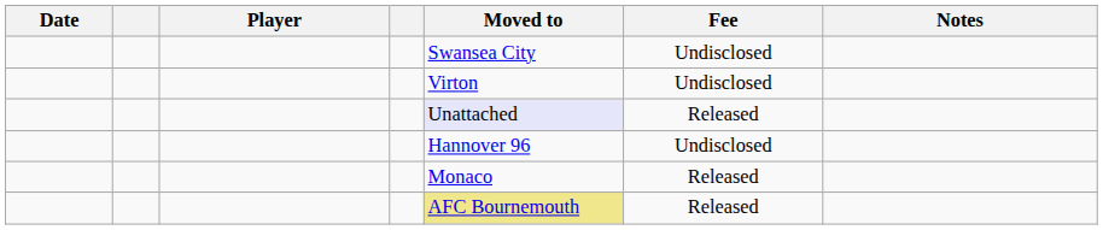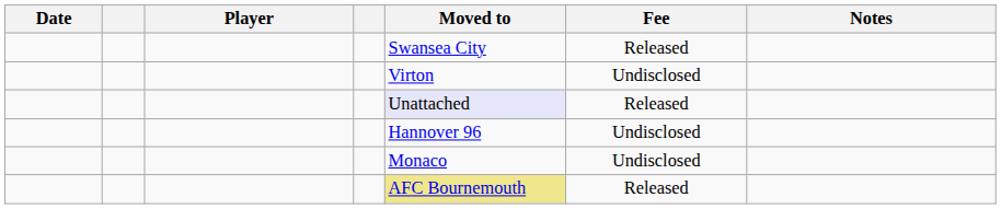 <table class="wikitable sortable">
 <tr>
 <th style="width:80px;">Date</th>
 <th style="width:30px;"></th>
 <th style="width:180px;">Player</th>
 <th style="width:20px;"></th>
 <th style="width:155px;">Moved to</th>
 <th style="width:155px;" class="unsortable">Fee</th>
 <th style="width:215px;" class="unsortable">Notes</th>
 </tr>
 <tr>
 <td></td>
 <td align=center></td>
 <td> </td>
 <td></td>
 <td> <a href='#'>Swansea City</a></td>
-<td align=center>Undisclosed</td>
+<td align=center>Released</td>
 <td align=center></td>
 </tr>
 <tr>
 <td></td>
 <td align=center></td>
 <td> </td>
 <td></td>
 <td> <a href='#'>Virton</a></td>
 <td align=center>Undisclosed</td>
 <td align=center></td>
 </tr>
 <tr>
 <td></td>
 <td align=center></td>
 <td> </td>
 <td></td>
 <td style="background: lavender;">Unattached</td>
 <td align=center>Released</td>
 <td align=center></td>
 </tr>
 <tr>
 <td></td>
 <td align=center></td>
 <td> </td>
 <td></td>
 <td> <a href='#'>Hannover 96</a></td>
 <td align=center>Undisclosed</td>
 <td align=center></td>
 </tr>
 <tr>
 <td></td>
 <td align=center></td>
 <td> </td>
 <td></td>
 <td> <a href='#'>Monaco</a></td>
-<td align=center>Released</td>
+<td align=center>Undisclosed</td>
 <td align=center></td>
 </tr>
 <tr>
 <td></td>
 <td align=center></td>
 <td> </td>
 <td></td>
 <td style="background: khaki;"> <a href='#'>AFC Bournemouth</a></td>
 <td align=center>Released</td>
 <td align=center></td>
 </tr>
 </table>
